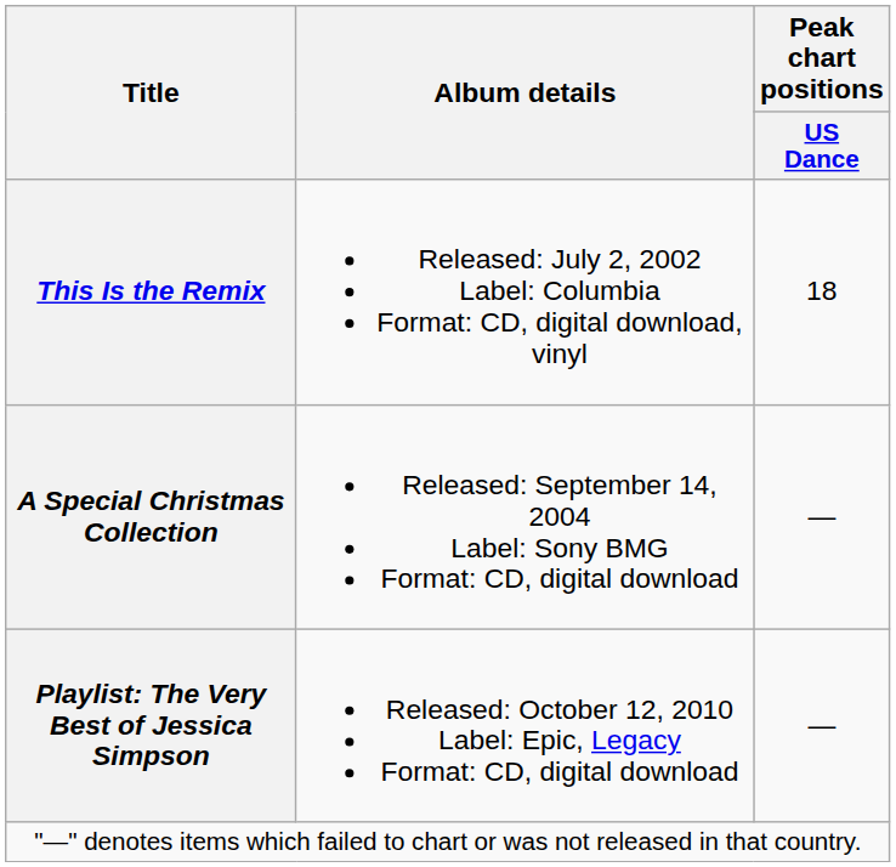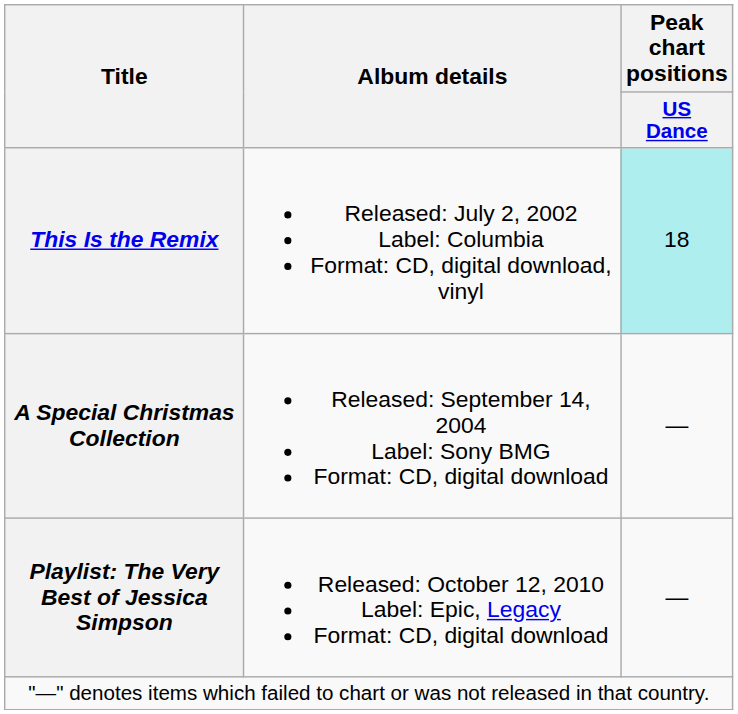 <table class="wikitable plainrowheaders" style="text-align:center;" border="1">
 <tr>
 <th scope="col" rowspan="2" style="width:10em;">Title</th>
 <th scope="col" rowspan="2" style="width:16em;">Album details</th>
 <th scope="col" colspan="1">Peak chart positions</th>
 </tr>
 <tr>
 <th scope="col" style="width:3em;font-size:90%;"><a href='#'>US<br>Dance</a><br></th>
 </tr>
 <tr>
 <th scope="row"><em><a href='#'>This Is the Remix</a></em></th>
 <td><br><ul><li>Released: July 2, 2002</li><li>Label: Columbia</li><li>Format: CD, digital download, vinyl</li></ul></td>
-<td>18</td>
+<td style="background: paleturquoise;">18</td>
 </tr>
 <tr>
 <th scope="row"><em>A Special Christmas Collection</em></th>
 <td><br><ul><li>Released: September 14, 2004</li><li>Label: Sony BMG</li><li>Format: CD, digital download</li></ul></td>
 <td>—</td>
 </tr>
 <tr>
 <th scope="row"><em>Playlist: The Very Best of Jessica Simpson</em></th>
 <td><br><ul><li>Released: October 12, 2010</li><li>Label: Epic, <a href='#'>Legacy</a></li><li>Format: CD, digital download</li></ul></td>
 <td>—</td>
 </tr>
 <tr>
 <td colspan="4" style="text-align:center;font-size:90%">"—" denotes items which failed to chart or was not released in that country.</td>
 </tr>
 </table>
